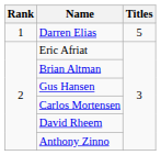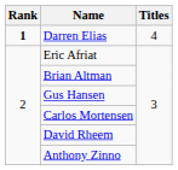 <table class="wikitable" style="display: inline-table;">
 <tr>
 <th>Rank</th>
 <th>Name</th>
 <th>Titles</th>
 </tr>
 <tr>
-<td align=center>1</td>
+<td align=center><strong>1</strong></td>
 <td> <a href='#'>Darren Elias</a></td>
-<td align=center>5</td>
+<td align=center>4</td>
 </tr>
 <tr>
 <td rowspan=6 align=center>2</td>
 <td> Eric Afriat</td>
 <td rowspan=6 align=center>3</td>
 </tr>
 <tr>
 <td> <a href='#'>Brian Altman</a></td>
 </tr>
 <tr>
 <td> <a href='#'>Gus Hansen</a></td>
 </tr>
 <tr>
 <td> <a href='#'>Carlos Mortensen</a></td>
 </tr>
 <tr>
 <td> <a href='#'>David Rheem</a></td>
 </tr>
 <tr>
 <td> <a href='#'>Anthony Zinno</a></td>
 </tr>
 </table>
